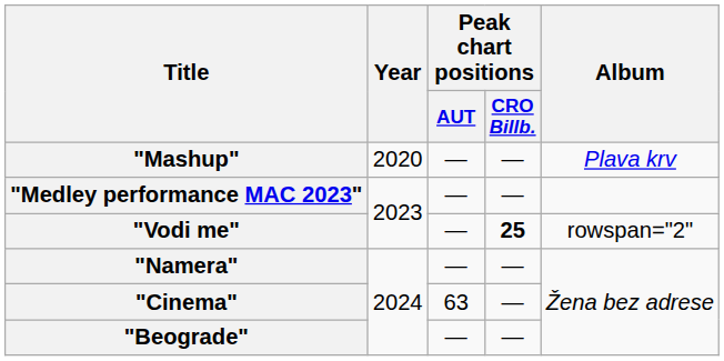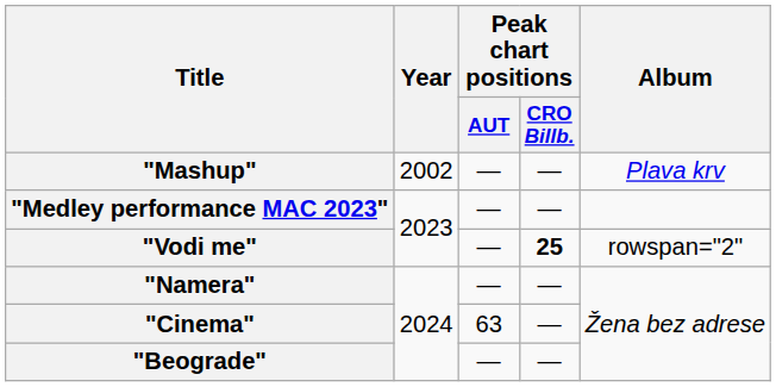 <table class="wikitable plainrowheaders" style="text-align:center;">
 <tr>
 <th scope="col" rowspan="2">Title</th>
 <th scope="col" rowspan="2">Year</th>
 <th scope="col" colspan="2">Peak chart positions</th>
 <th scope="col" rowspan="2">Album</th>
 </tr>
 <tr>
 <th scope="col" style="width:2.5em; font-size:85%;"><a href='#'>AUT</a><br></th>
 <th scope="col" style="width:2.5em; font-size:85%"><a href='#'>CRO<br><em>Billb.</em></a><br></th>
 </tr>
 <tr>
 <th scope="row">"Mashup"</th>
-<td>2020</td>
+<td>2002</td>
 <td>—</td>
 <td>—</td>
 <td><em><a href='#'>Plava krv</a></em></td>
 </tr>
 <tr>
 <th scope="row">"Medley performance <a href='#'>MAC 2023</a>"<br></th>
 <td rowspan="2">2023</td>
 <td>—</td>
 <td>—</td>
 </tr>
 <tr>
 <th scope="row">"Vodi me"<br></th>
 <td>—</td>
 <td><strong>25</strong></td>
 <td>rowspan="2" </td>
 </tr>
 <tr>
 <th scope="row">"Namera"<br></th>
 <td rowspan="3">2024</td>
 <td>—</td>
 <td>—</td>
 <td rowspan="3"><em>Žena bez adrese</em></td>
 </tr>
 <tr>
 <th scope="row">"Cinema"<br></th>
 <td>63</td>
 <td>—</td>
 </tr>
 <tr>
 <th scope="row">"Beograde"<br></th>
 <td>—</td>
 <td>—</td>
 </tr>
 </table>
